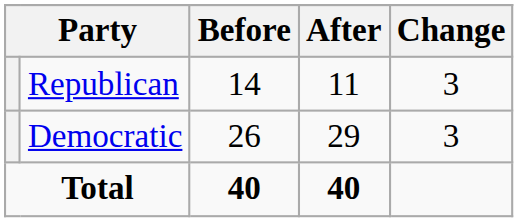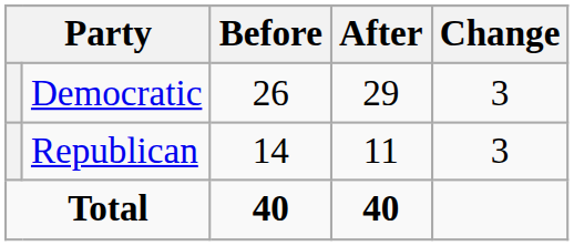 <table class="wikitable" style="text-align:center;">
 <tr>
 </tr>
 <tr>
 <th colspan=2>Party</th>
 <th>Before</th>
 <th>After</th>
 <th>Change</th>
 </tr>
 <tr>
 <th style="background-color:"></th>
-<td style="text-align:left;"><a href='#'>Republican</a></td>
-<td>14</td>
-<td>11</td>
+<td style="text-align:left;"><a href='#'>Democratic</a></td>
+<td>26</td>
+<td>29</td>
 <td> 3</td>
 </tr>
 <tr>
 <th style="background-color:"></th>
-<td style="text-align:left;"><a href='#'>Democratic</a></td>
-<td>26</td>
-<td>29</td>
+<td style="text-align:left;"><a href='#'>Republican</a></td>
+<td>14</td>
+<td>11</td>
 <td> 3</td>
 </tr>
 <tr>
 <td colspan=2><strong>Total</strong></td>
 <td><strong>40</strong></td>
 <td><strong>40</strong></td>
 <td></td>
 </tr>
 </table>
